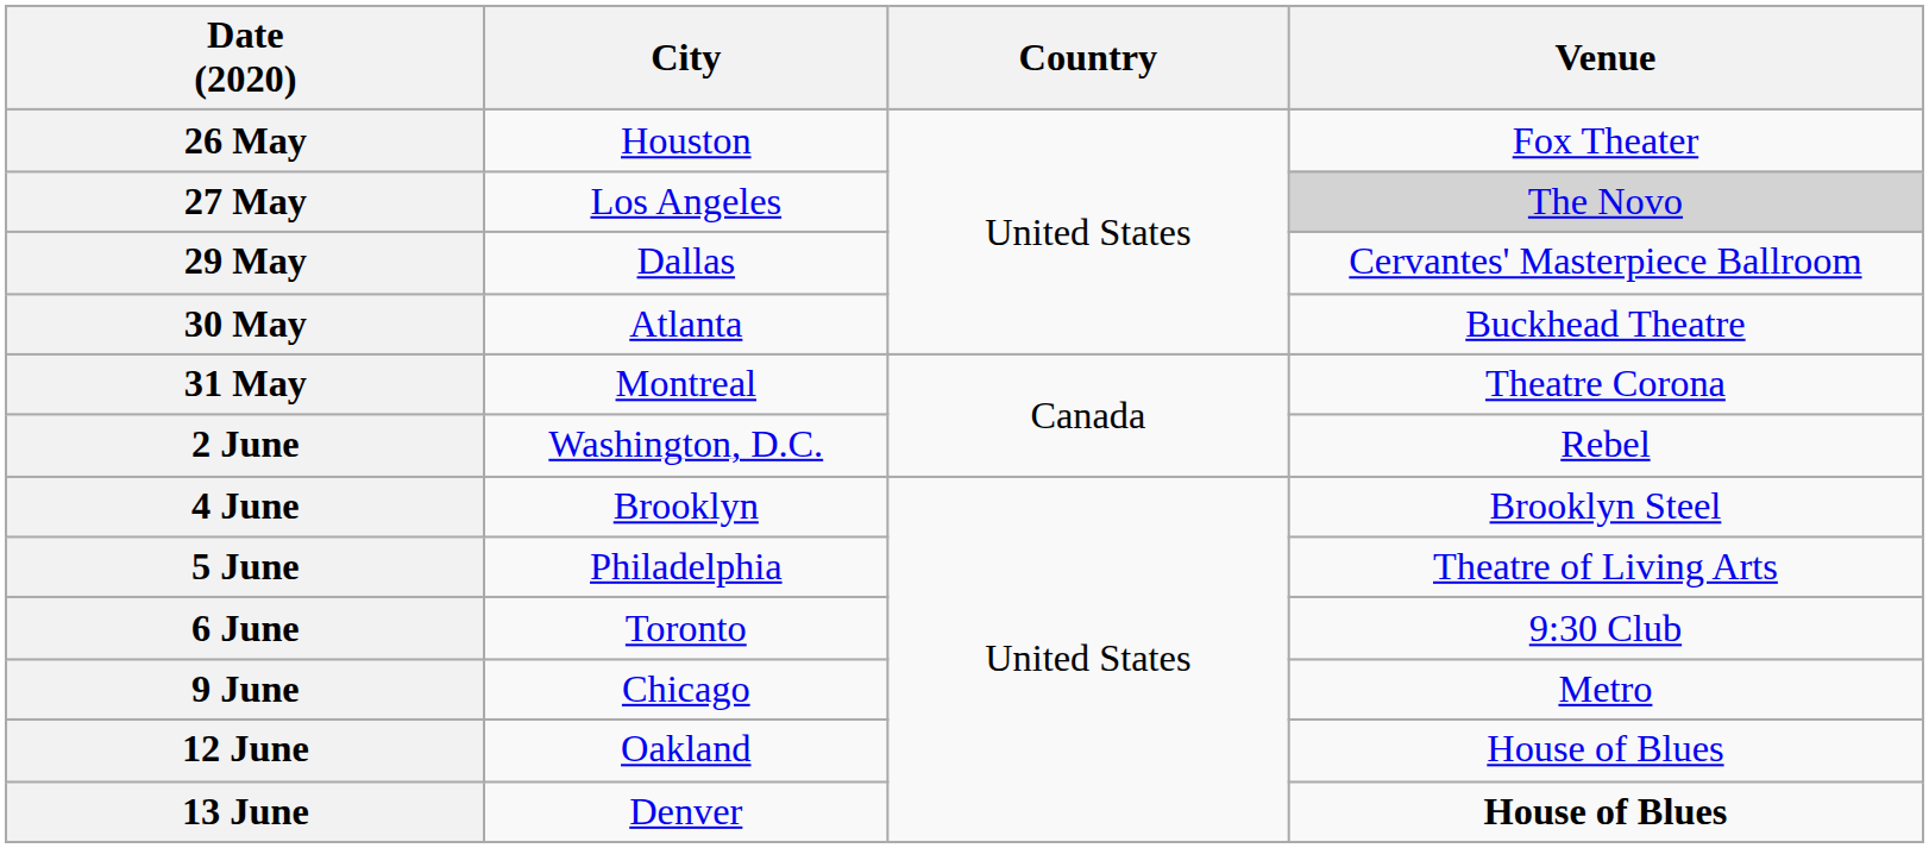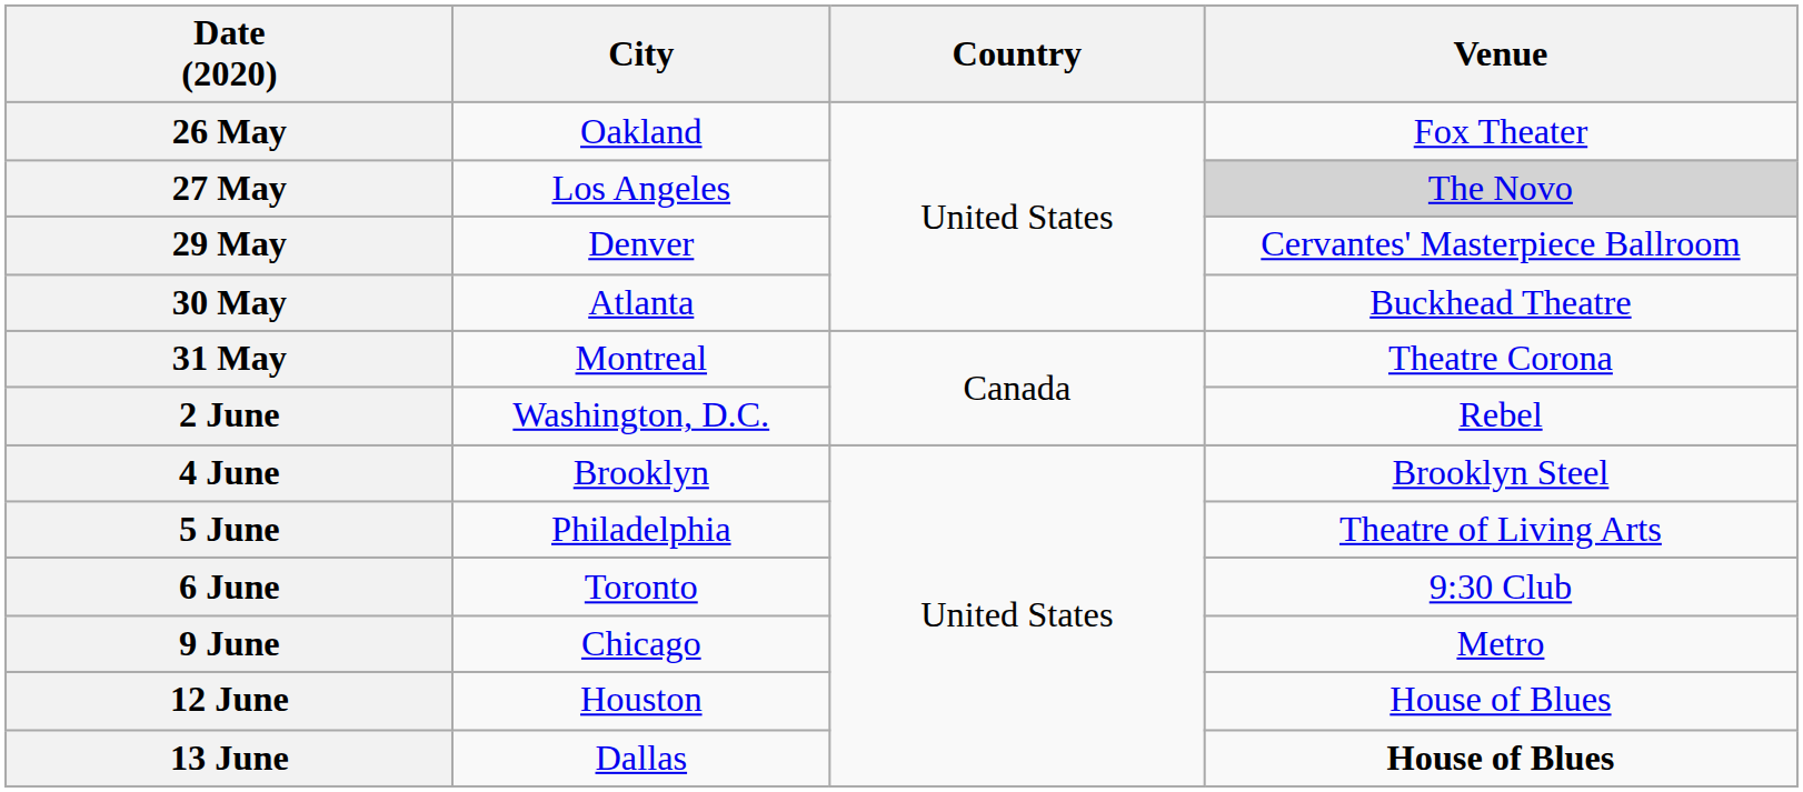 <table class="wikitable plainrowheaders" style="text-align:center;">
 <tr>
 <th scope="col" style="width:12em;">Date<br>(2020)</th>
 <th scope="col" style="width:10em;">City</th>
 <th scope="col" style="width:10em;">Country</th>
 <th scope="col" style="width:16em;">Venue</th>
 </tr>
 <tr>
 <th scope="row" style="text-align:center;">26 May</th>
-<td><a href='#'>Houston</a></td>
+<td><a href='#'>Oakland</a></td>
 <td rowspan="4">United States</td>
 <td><a href='#'>Fox Theater</a></td>
 </tr>
 <tr>
 <th scope="row" style="text-align:center;">27 May</th>
 <td><a href='#'>Los Angeles</a></td>
 <td style="background: lightgrey;"><a href='#'>The Novo</a></td>
 </tr>
 <tr>
 <th scope="row" style="text-align:center;">29 May</th>
-<td><a href='#'>Dallas</a></td>
+<td><a href='#'>Denver</a></td>
 <td><a href='#'>Cervantes' Masterpiece Ballroom</a></td>
 </tr>
 <tr>
 <th scope="row" style="text-align:center;">30 May</th>
 <td><a href='#'>Atlanta</a></td>
 <td><a href='#'>Buckhead Theatre</a></td>
 </tr>
 <tr>
 <th scope="row" style="text-align:center;">31 May</th>
 <td><a href='#'>Montreal</a></td>
 <td rowspan="2">Canada</td>
 <td><a href='#'>Theatre Corona</a></td>
 </tr>
 <tr>
 <th scope="row" style="text-align:center;">2 June</th>
 <td><a href='#'>Washington, D.C.</a></td>
 <td><a href='#'>Rebel</a></td>
 </tr>
 <tr>
 <th scope="row" style="text-align:center;">4 June</th>
 <td><a href='#'>Brooklyn</a></td>
 <td rowspan="6">United States</td>
 <td><a href='#'>Brooklyn Steel</a></td>
 </tr>
 <tr>
 <th scope="row" style="text-align:center;">5 June</th>
 <td><a href='#'>Philadelphia</a></td>
 <td><a href='#'>Theatre of Living Arts</a></td>
 </tr>
 <tr>
 <th scope="row" style="text-align:center;">6 June</th>
 <td><a href='#'>Toronto</a></td>
 <td><a href='#'>9:30 Club</a></td>
 </tr>
 <tr>
 <th scope="row" style="text-align:center;">9 June</th>
 <td><a href='#'>Chicago</a></td>
 <td><a href='#'>Metro</a></td>
 </tr>
 <tr>
 <th scope="row" style="text-align:center;">12 June</th>
-<td><a href='#'>Oakland</a></td>
+<td><a href='#'>Houston</a></td>
 <td><a href='#'>House of Blues</a></td>
 </tr>
 <tr>
 <th scope="row" style="text-align:center;">13 June</th>
-<td><a href='#'>Denver</a></td>
+<td><a href='#'>Dallas</a></td>
 <td><strong>House of Blues</strong></td>
 </tr>
 </table>
